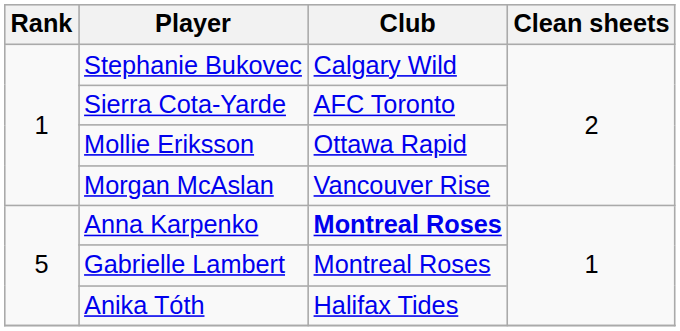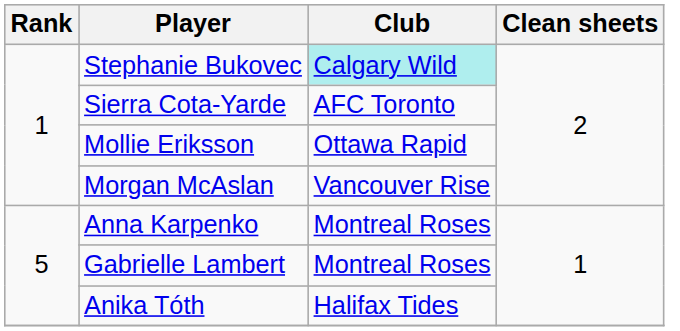 <table class="wikitable">
 <tr>
 <th>Rank</th>
 <th>Player</th>
 <th>Club</th>
 <th>Clean sheets</th>
 </tr>
 <tr>
 <td style="text-align:center" rowspan="4">1</td>
 <td> <a href='#'>Stephanie Bukovec</a></td>
-<td><a href='#'>Calgary Wild</a></td>
+<td style="background: paleturquoise;"><a href='#'>Calgary Wild</a></td>
 <td style="text-align:center" rowspan="4">2</td>
 </tr>
 <tr>
 <td> <a href='#'>Sierra Cota-Yarde</a></td>
 <td><a href='#'>AFC Toronto</a></td>
 </tr>
 <tr>
 <td> <a href='#'>Mollie Eriksson</a></td>
 <td><a href='#'>Ottawa Rapid</a></td>
 </tr>
 <tr>
 <td> <a href='#'>Morgan McAslan</a></td>
 <td><a href='#'>Vancouver Rise</a></td>
 </tr>
 <tr>
 <td style="text-align:center" rowspan="3">5</td>
 <td> <a href='#'>Anna Karpenko</a></td>
-<td><strong><a href='#'>Montreal Roses</a></strong></td>
+<td><a href='#'>Montreal Roses</a></td>
 <td style="text-align:center" rowspan="3">1</td>
 </tr>
 <tr>
 <td> <a href='#'>Gabrielle Lambert</a></td>
 <td><a href='#'>Montreal Roses</a></td>
 </tr>
 <tr>
 <td> <a href='#'>Anika Tóth</a></td>
 <td><a href='#'>Halifax Tides</a></td>
 </tr>
 <tr>
 </tr>
 </table>
